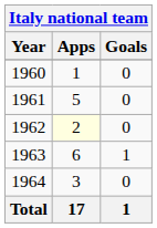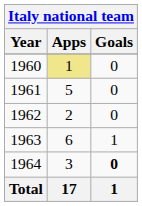 <table class="wikitable" style="text-align:center">
 <tr>
 <th colspan=3><a href='#'>Italy national team</a></th>
 </tr>
 <tr>
 <th>Year</th>
 <th>Apps</th>
 <th>Goals</th>
 </tr>
 <tr>
 </tr>
 <tr>
 <td>1960</td>
-<td>1</td>
+<td style="background: khaki;">1</td>
 <td>0</td>
 </tr>
 <tr>
 <td>1961</td>
 <td>5</td>
 <td>0</td>
 </tr>
 <tr>
 <td>1962</td>
-<td style="background: lightyellow;">2</td>
+<td>2</td>
 <td>0</td>
 </tr>
 <tr>
 <td>1963</td>
 <td>6</td>
 <td>1</td>
 </tr>
 <tr>
 <td>1964</td>
 <td>3</td>
-<td>0</td>
+<td><strong>0</strong></td>
 </tr>
 <tr>
 <th>Total</th>
 <th>17</th>
 <th>1</th>
 </tr>
 </table>
